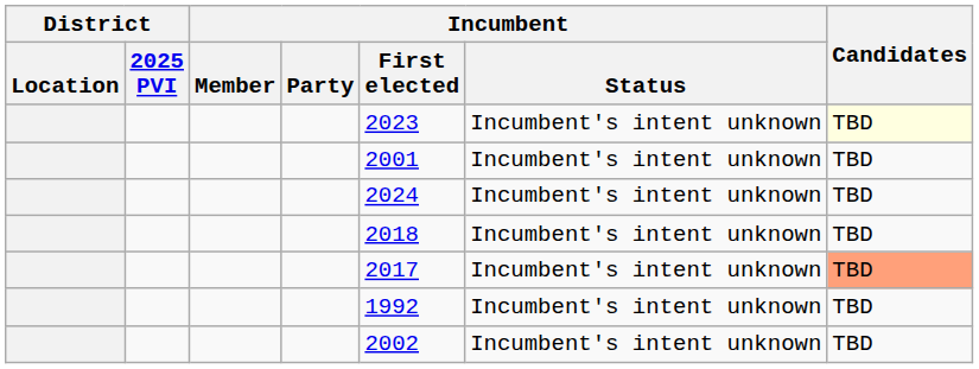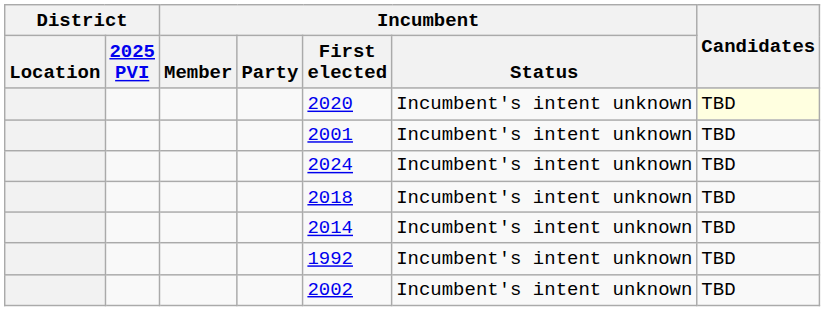 <table class="wikitable sortable">
 <tr>
 <th colspan=2>District</th>
 <th colspan=4>Incumbent</th>
 <th rowspan=2 class="unsortable">Candidates</th>
 </tr>
 <tr valign=bottom>
 <th>Location</th>
 <th><a href='#'>2025<br>PVI</a></th>
 <th>Member</th>
 <th>Party</th>
 <th>First<br>elected</th>
 <th>Status</th>
 </tr>
 <tr>
 <th></th>
 <td></td>
 <td></td>
 <td></td>
-<td><a href='#'>2023</a></td>
+<td><a href='#'>2020</a></td>
 <td>Incumbent's intent unknown</td>
 <td style="background: lightyellow;">TBD</td>
 </tr>
 <tr>
 <th></th>
 <td></td>
 <td></td>
 <td></td>
 <td><a href='#'>2001 </a></td>
 <td>Incumbent's intent unknown</td>
 <td>TBD</td>
 </tr>
 <tr>
 <th></th>
 <td></td>
 <td></td>
 <td></td>
 <td><a href='#'>2024</a></td>
 <td>Incumbent's intent unknown</td>
 <td>TBD</td>
 </tr>
 <tr>
 <th></th>
 <td></td>
 <td></td>
 <td></td>
 <td><a href='#'>2018</a></td>
 <td>Incumbent's intent unknown</td>
 <td>TBD</td>
 </tr>
 <tr>
 <th></th>
 <td></td>
 <td></td>
 <td></td>
-<td><a href='#'>2017 </a></td>
+<td><a href='#'>2014 </a></td>
 <td>Incumbent's intent unknown</td>
-<td style="background: lightsalmon;">TBD</td>
+<td>TBD</td>
 </tr>
 <tr>
 <th></th>
 <td></td>
 <td></td>
 <td></td>
 <td><a href='#'>1992</a></td>
 <td>Incumbent's intent unknown</td>
 <td>TBD</td>
 </tr>
 <tr>
 <th></th>
 <td></td>
 <td></td>
 <td></td>
 <td><a href='#'>2002</a></td>
 <td>Incumbent's intent unknown</td>
 <td>TBD</td>
 </tr>
 </table>
